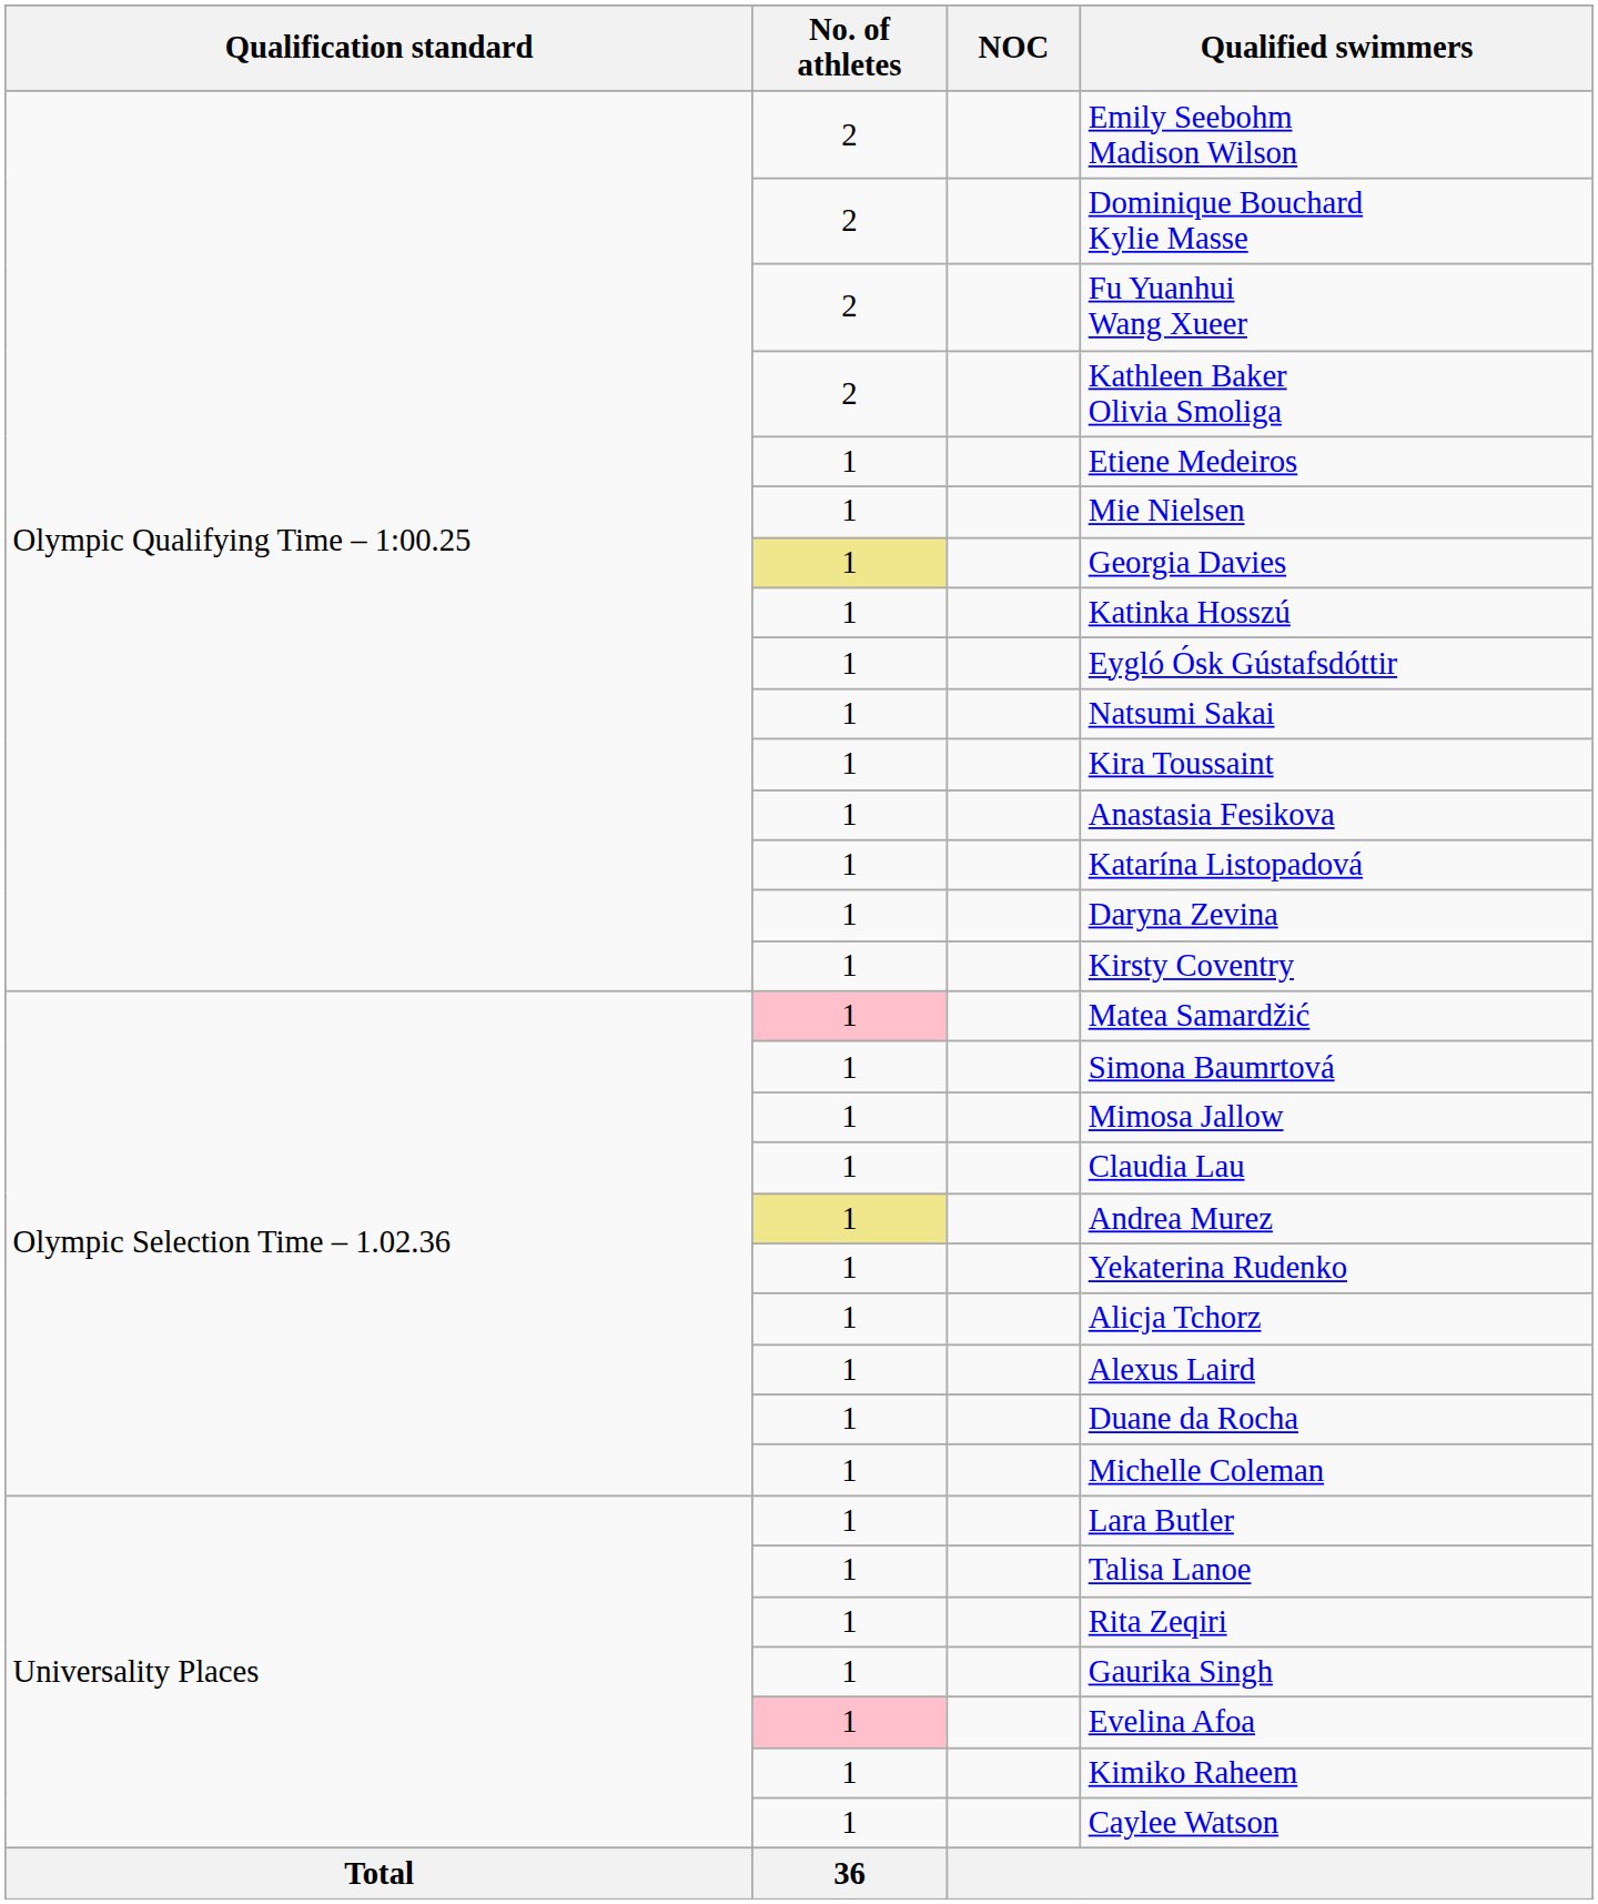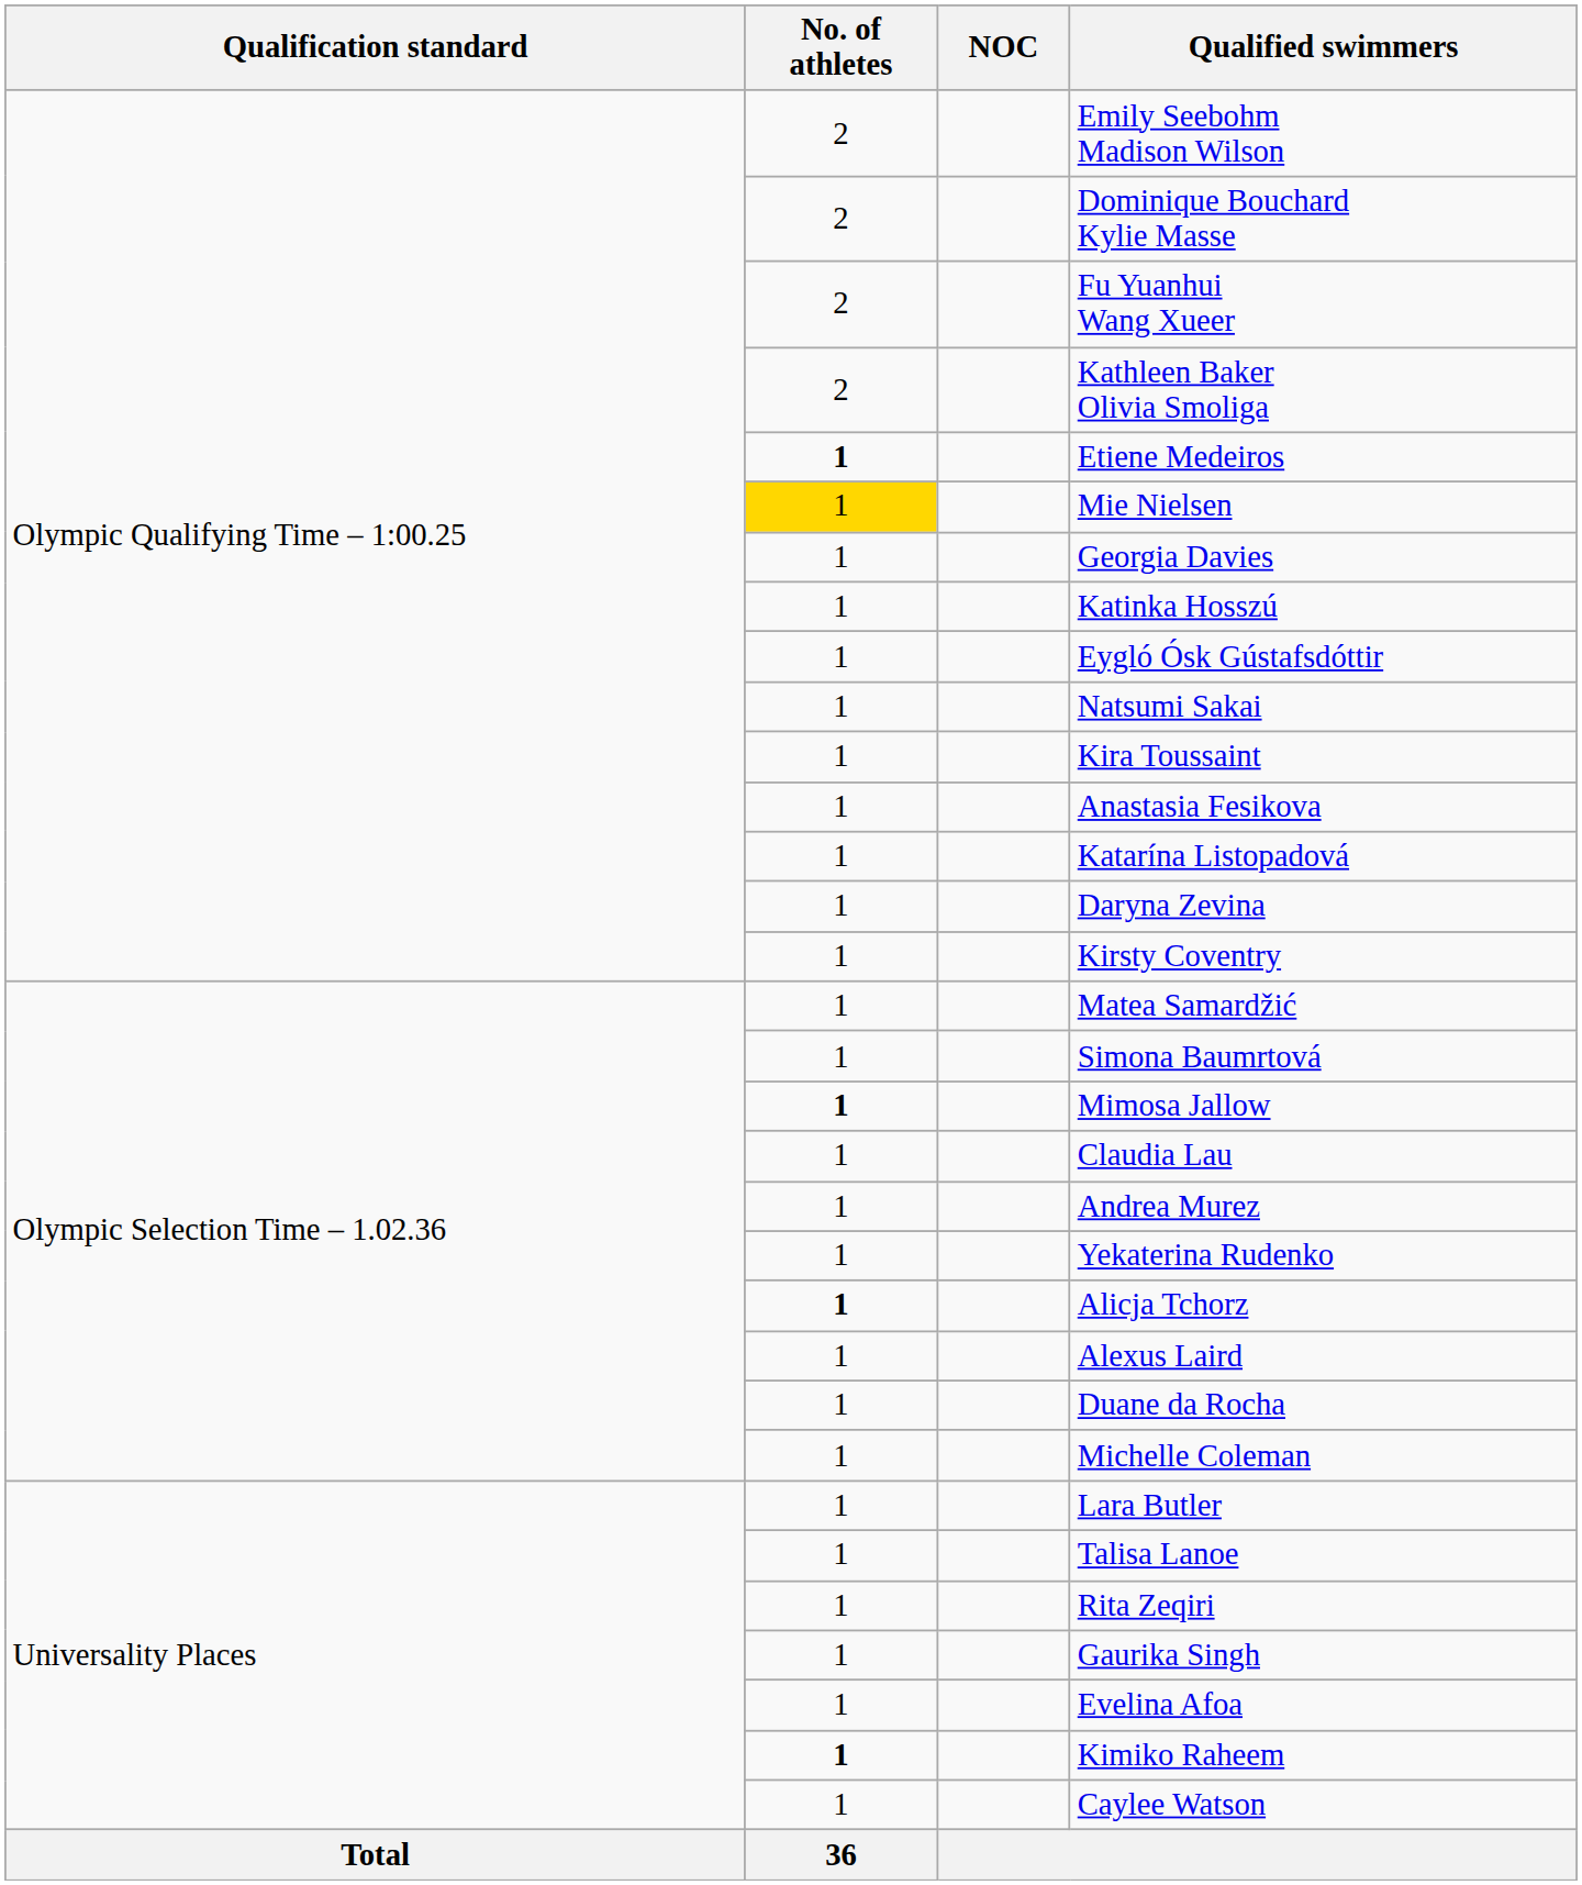 <table class=wikitable style="text-align:left" width=800>
 <tr>
 <th>Qualification standard</th>
 <th width=90>No. of athletes</th>
 <th>NOC</th>
 <th>Qualified swimmers</th>
 </tr>
 <tr>
 <td rowspan=15>Olympic Qualifying Time – 1:00.25</td>
 <td align=center>2</td>
 <td></td>
 <td><a href='#'>Emily Seebohm</a><br><a href='#'>Madison Wilson</a></td>
 </tr>
 <tr>
 <td align=center>2</td>
 <td></td>
 <td><a href='#'>Dominique Bouchard</a><br><a href='#'>Kylie Masse</a></td>
 </tr>
 <tr>
 <td align=center>2</td>
 <td></td>
 <td><a href='#'>Fu Yuanhui</a><br><a href='#'>Wang Xueer</a></td>
 </tr>
 <tr>
 <td align=center>2</td>
 <td></td>
 <td><a href='#'>Kathleen Baker</a><br><a href='#'>Olivia Smoliga</a></td>
 </tr>
 <tr>
-<td align=center>1</td>
+<td align=center><strong>1</strong></td>
 <td></td>
 <td><a href='#'>Etiene Medeiros</a></td>
 </tr>
 <tr>
-<td align=center>1</td>
+<td align=center style="background: gold;">1</td>
 <td></td>
 <td><a href='#'>Mie Nielsen</a></td>
 </tr>
 <tr>
-<td align=center style="background: khaki;">1</td>
+<td align=center>1</td>
 <td></td>
 <td><a href='#'>Georgia Davies</a></td>
 </tr>
 <tr>
 <td align=center>1</td>
 <td></td>
 <td><a href='#'>Katinka Hosszú</a></td>
 </tr>
 <tr>
 <td align=center>1</td>
 <td></td>
 <td><a href='#'>Eygló Ósk Gústafsdóttir</a></td>
 </tr>
 <tr>
 <td align=center>1</td>
 <td></td>
 <td><a href='#'>Natsumi Sakai</a></td>
 </tr>
 <tr>
 <td align=center>1</td>
 <td></td>
 <td><a href='#'>Kira Toussaint</a></td>
 </tr>
 <tr>
 <td align=center>1</td>
 <td></td>
 <td><a href='#'>Anastasia Fesikova</a></td>
 </tr>
 <tr>
 <td align=center>1</td>
 <td></td>
 <td><a href='#'>Katarína Listopadová</a></td>
 </tr>
 <tr>
 <td align=center>1</td>
 <td></td>
 <td><a href='#'>Daryna Zevina</a></td>
 </tr>
 <tr>
 <td align=center>1</td>
 <td></td>
 <td><a href='#'>Kirsty Coventry</a></td>
 </tr>
 <tr>
 <td rowspan=10>Olympic Selection Time – 1.02.36</td>
-<td align=center style="background: pink;">1</td>
+<td align=center>1</td>
 <td></td>
 <td><a href='#'>Matea Samardžić</a></td>
 </tr>
 <tr>
 <td align=center>1</td>
 <td></td>
 <td><a href='#'>Simona Baumrtová</a></td>
 </tr>
 <tr>
-<td align=center>1</td>
+<td align=center><strong>1</strong></td>
 <td></td>
 <td><a href='#'>Mimosa Jallow</a></td>
 </tr>
 <tr>
 <td align=center>1</td>
 <td></td>
 <td><a href='#'>Claudia Lau</a></td>
 </tr>
 <tr>
-<td align=center style="background: khaki;">1</td>
+<td align=center>1</td>
 <td></td>
 <td><a href='#'>Andrea Murez</a></td>
 </tr>
 <tr>
 <td align=center>1</td>
 <td></td>
 <td><a href='#'>Yekaterina Rudenko</a></td>
 </tr>
 <tr>
-<td align=center>1</td>
+<td align=center><strong>1</strong></td>
 <td></td>
 <td><a href='#'>Alicja Tchorz</a></td>
 </tr>
 <tr>
 <td align=center>1</td>
 <td></td>
 <td><a href='#'>Alexus Laird</a></td>
 </tr>
 <tr>
 <td align=center>1</td>
 <td></td>
 <td><a href='#'>Duane da Rocha</a></td>
 </tr>
 <tr>
 <td align=center>1</td>
 <td></td>
 <td><a href='#'>Michelle Coleman</a></td>
 </tr>
 <tr>
 <td rowspan=7>Universality Places</td>
 <td align=center>1</td>
 <td></td>
 <td><a href='#'>Lara Butler</a></td>
 </tr>
 <tr>
 <td align=center>1</td>
 <td></td>
 <td><a href='#'>Talisa Lanoe</a></td>
 </tr>
 <tr>
 <td align=center>1</td>
 <td></td>
 <td><a href='#'>Rita Zeqiri</a></td>
 </tr>
 <tr>
 <td align=center>1</td>
 <td></td>
 <td><a href='#'>Gaurika Singh</a></td>
 </tr>
 <tr>
-<td align=center style="background: pink;">1</td>
+<td align=center>1</td>
 <td></td>
 <td><a href='#'>Evelina Afoa</a></td>
 </tr>
 <tr>
-<td align=center>1</td>
+<td align=center><strong>1</strong></td>
 <td></td>
 <td><a href='#'>Kimiko Raheem</a></td>
 </tr>
 <tr>
 <td align=center>1</td>
 <td></td>
 <td><a href='#'>Caylee Watson</a></td>
 </tr>
 <tr>
 <th><strong>Total</strong></th>
 <th>36</th>
 <th colspan=2></th>
 </tr>
 </table>
